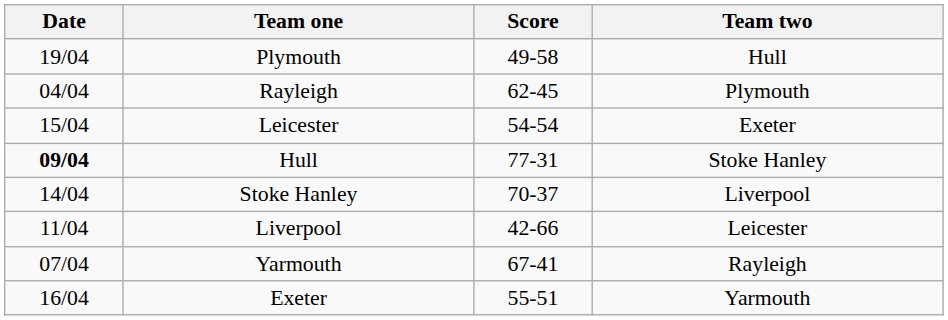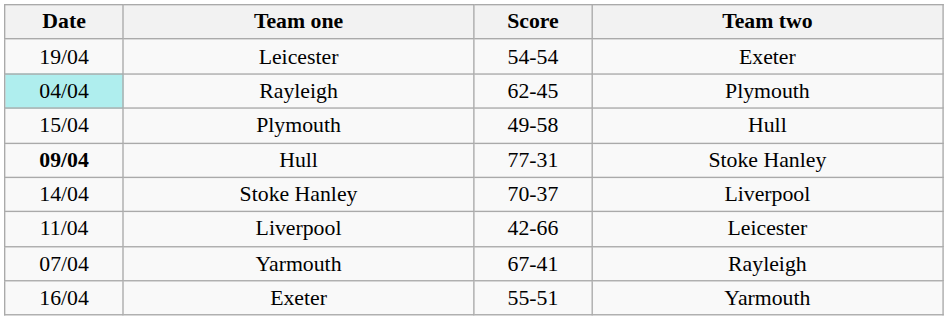 <table class="wikitable" style="text-align: center">
 <tr>
 <th width=80>Date</th>
 <th width=250>Team one</th>
 <th width=80>Score</th>
 <th width=250>Team two</th>
 </tr>
 <tr>
 <td>19/04</td>
-<td>Plymouth</td>
-<td>49-58</td>
-<td>Hull</td>
+<td>Leicester</td>
+<td>54-54</td>
+<td>Exeter</td>
 </tr>
 <tr>
-<td>04/04</td>
+<td style="background: paleturquoise;">04/04</td>
 <td>Rayleigh</td>
 <td>62-45</td>
 <td>Plymouth</td>
 </tr>
 <tr>
 <td>15/04</td>
-<td>Leicester</td>
-<td>54-54</td>
-<td>Exeter</td>
+<td>Plymouth</td>
+<td>49-58</td>
+<td>Hull</td>
 </tr>
 <tr>
 <td><strong>09/04</strong></td>
 <td>Hull</td>
 <td>77-31</td>
 <td>Stoke Hanley</td>
 </tr>
 <tr>
 <td>14/04</td>
 <td>Stoke Hanley</td>
 <td>70-37</td>
 <td>Liverpool</td>
 </tr>
 <tr>
 <td>11/04</td>
 <td>Liverpool</td>
 <td>42-66</td>
 <td>Leicester</td>
 </tr>
 <tr>
 <td>07/04</td>
 <td>Yarmouth</td>
 <td>67-41</td>
 <td>Rayleigh</td>
 </tr>
 <tr>
 <td>16/04</td>
 <td>Exeter</td>
 <td>55-51</td>
 <td>Yarmouth</td>
 </tr>
 </table>
